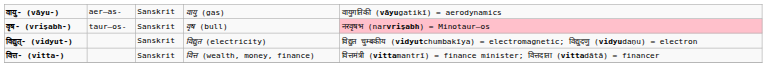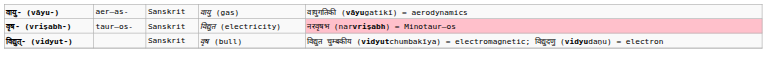 <table class="wikitable sortable" width="100%">
 <tr>
 <td><strong>वायु- (vāyu-)</strong></td>
 <td>aer—as-</td>
 <td>Sanskrit</td>
 <td><em>वायु</em> (gas)</td>
 <td>वायुगतिकी (<strong>vāyu</strong>gatikī) = aerodynamics</td>
 </tr>
 <tr>
 <td><strong>वृष- (vriṣabh-)</strong></td>
 <td>taur—os-</td>
 <td>Sanskrit</td>
-<td><em>वृष</em> (bull)</td>
+<td><em>विद्युत</em> (electricity)</td>
 <td style="background: pink;">नरवृषभ (nar<strong>vriṣabh</strong>) = Minotaur—os</td>
 </tr>
 <tr>
 <td><strong>विद्युत्‌- (vidyut-)</strong></td>
 <td></td>
 <td>Sanskrit</td>
-<td><em>विद्युत</em> (electricity)</td>
+<td><em>वृष</em> (bull)</td>
 <td>विद्युत चुम्बकीय (<strong>vidyut</strong>chumbakīya) = electromagnetic; विद्युदणु (<strong>vidyu</strong>daṇu) = electron</td>
-</tr>
-<tr>
-<td><strong>वित्त- (vitta-)</strong></td>
-<td></td>
-<td>Sanskrit</td>
-<td><em>वित्त</em> (wealth, money, finance)</td>
-<td>वित्तमंत्री (<strong>vitta</strong>mantrī) = finance minister; वित्तदाता (<strong>vitta</strong>dātā) = financer</td>
 </tr>
 <tr>
 </tr>
 </table>
